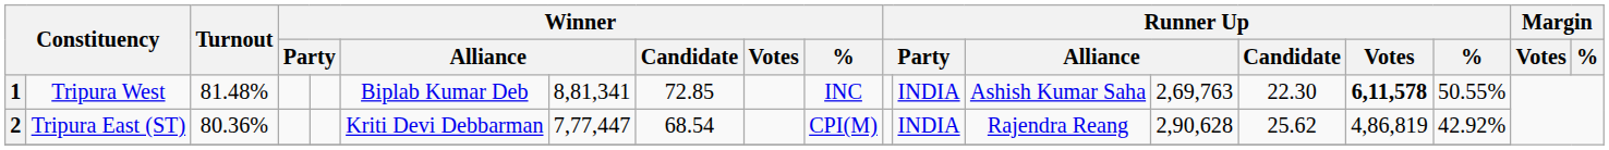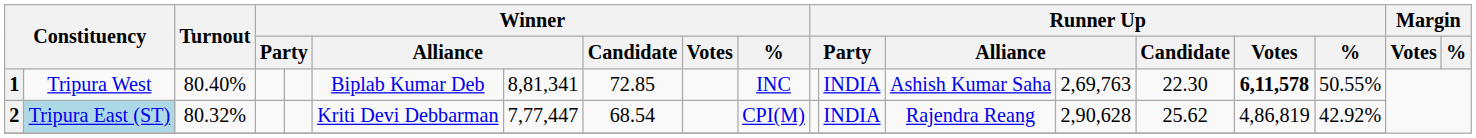 <table class="wikitable sortable" style="text-align:center;">
 <tr>
 <th colspan="2" rowspan="2">Constituency</th>
 <th rowspan="2">Turnout</th>
 <th colspan="7">Winner</th>
 <th colspan="7">Runner Up</th>
 <th colspan="2">Margin</th>
 </tr>
 <tr>
 <th colspan="2">Party</th>
 <th colspan="2">Alliance</th>
 <th>Candidate</th>
 <th>Votes</th>
 <th>%</th>
 <th colspan="2">Party</th>
 <th colspan="2">Alliance</th>
 <th>Candidate</th>
 <th>Votes</th>
 <th>%</th>
 <th>Votes</th>
 <th>%</th>
 </tr>
 <tr>
 <th>1</th>
 <td><a href='#'>Tripura West</a></td>
-<td>81.48%</td>
+<td>80.40%</td>
 <td></td>
 <td></td>
 <td><a href='#'>Biplab Kumar Deb</a></td>
 <td>8,81,341</td>
 <td>72.85</td>
 <td></td>
 <td><a href='#'>INC</a></td>
 <td></td>
 <td><a href='#'>INDIA</a></td>
 <td><a href='#'>Ashish Kumar Saha</a></td>
 <td>2,69,763</td>
 <td>22.30</td>
 <td style="background:"><strong>6,11,578</strong></td>
 <td style="background:">50.55%</td>
 </tr>
 <tr>
 <th>2</th>
-<td><a href='#'>Tripura East (ST)</a></td>
-<td>80.36%</td>
+<td style="background: lightblue;"><a href='#'>Tripura East (ST)</a></td>
+<td>80.32%</td>
 <td></td>
 <td></td>
 <td><a href='#'>Kriti Devi Debbarman</a></td>
 <td>7,77,447</td>
 <td>68.54</td>
 <td></td>
 <td><a href='#'>CPI(M)</a></td>
 <td></td>
 <td><a href='#'>INDIA</a></td>
 <td><a href='#'>Rajendra Reang</a></td>
 <td>2,90,628</td>
 <td>25.62</td>
 <td style="background:">4,86,819</td>
 <td style="background:">42.92%</td>
 </tr>
 <tr>
 </tr>
 </table>
